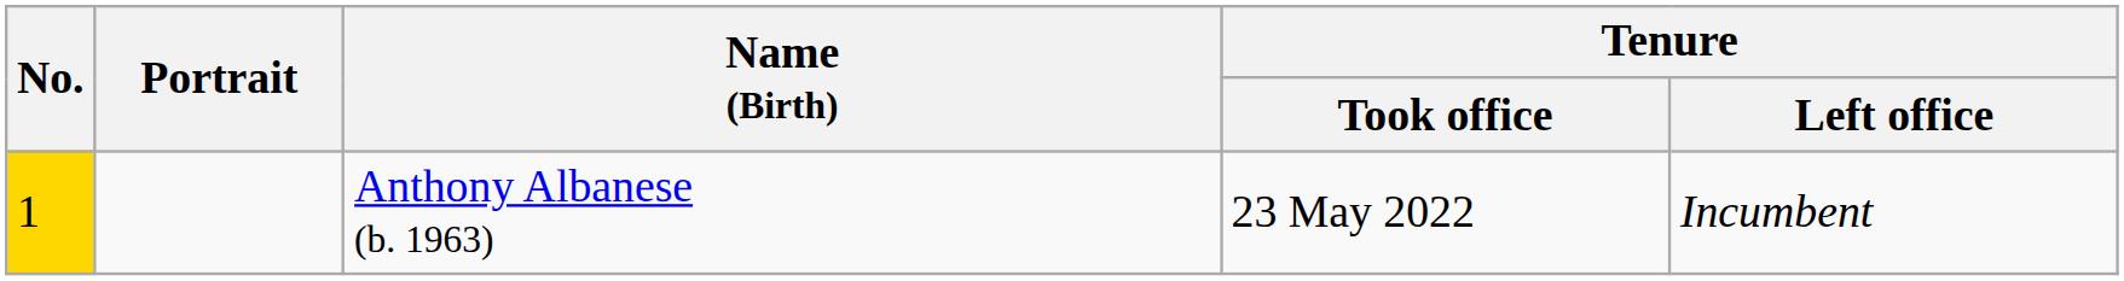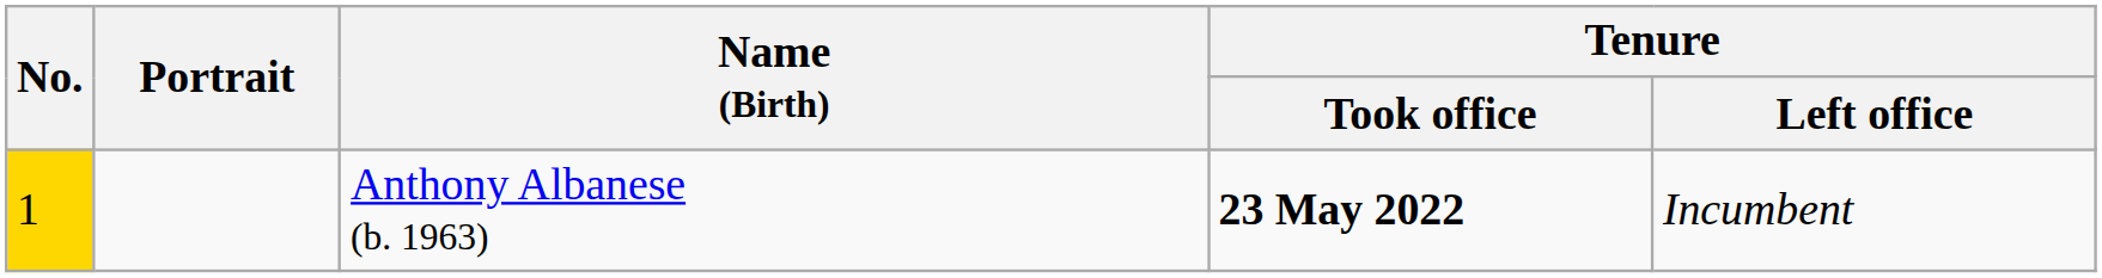 <table class="wikitable">
 <tr>
 <th scope="col" style="width:20px;" rowspan="2">No.</th>
 <th scope="col" style="width:80px;" rowspan="2">Portrait</th>
 <th scope="col" style="width:300px;" rowspan="2">Name<br><small>(Birth)</small></th>
 <th scope="col" style="width:300px;" colspan="2">Tenure</th>
 </tr>
 <tr>
 <th scope="col" style="width:150px;">Took office</th>
 <th scope="col" style="width:150px;">Left office</th>
 </tr>
 <tr>
 <td style="background: gold;">1</td>
 <td style="text-align: center;"></td>
 <td><a href='#'>Anthony Albanese</a><br><small>(b. 1963)</small></td>
-<td>23 May 2022</td>
+<td><strong>23 May 2022</strong></td>
 <td><em>Incumbent</em></td>
 </tr>
 </table>
